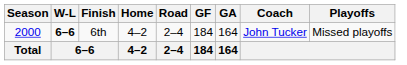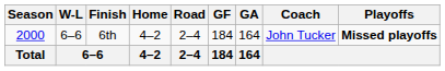 <table class="wikitable">
 <tr>
 <th>Season</th>
 <th>W-L</th>
 <th>Finish</th>
 <th>Home</th>
 <th>Road</th>
 <th>GF</th>
 <th>GA</th>
 <th>Coach</th>
 <th>Playoffs</th>
 </tr>
 <tr ALIGN=center>
 <td><a href='#'>2000</a></td>
-<td><strong>6–6</strong></td>
+<td>6–6</td>
 <td>6th</td>
 <td>4–2</td>
 <td>2–4</td>
 <td>184</td>
 <td>164</td>
 <td><a href='#'>John Tucker</a></td>
-<td>Missed playoffs</td>
+<td><strong>Missed playoffs</strong></td>
 </tr>
 <tr ALIGN=center bgcolor="#e0e0e0">
 <th>Total</th>
 <th colspan="2">6–6</th>
 <th>4–2</th>
 <th>2–4</th>
 <th>184</th>
 <th>164</th>
 <th colspan="2"></th>
 </tr>
 </table>
